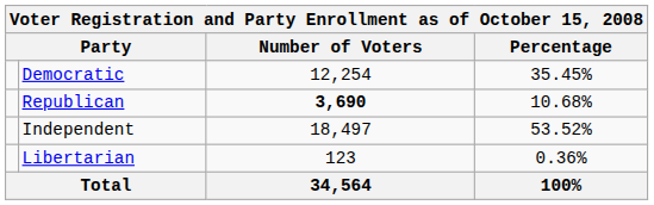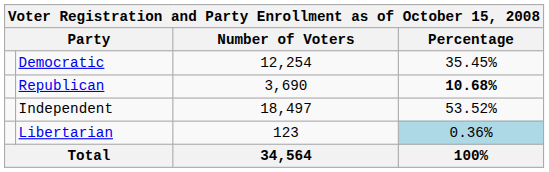 <table class=wikitable>
 <tr>
 <th colspan = 6>Voter Registration and Party Enrollment as of October 15, 2008</th>
 </tr>
 <tr>
 <th colspan = 2>Party</th>
 <th>Number of Voters</th>
 <th>Percentage</th>
 </tr>
 <tr>
 <td></td>
 <td><a href='#'>Democratic</a></td>
 <td align = center>12,254</td>
 <td align = center>35.45%</td>
 </tr>
 <tr>
 <td></td>
 <td><a href='#'>Republican</a></td>
-<td align = center><strong>3,690</strong></td>
-<td align = center>10.68%</td>
+<td align = center>3,690</td>
+<td align = center><strong>10.68%</strong></td>
 </tr>
 <tr>
 <td></td>
 <td>Independent</td>
 <td align = center>18,497</td>
 <td align = center>53.52%</td>
 </tr>
 <tr>
 <td></td>
 <td><a href='#'>Libertarian</a></td>
 <td align = center>123</td>
-<td align = center>0.36%</td>
+<td align = center style="background: lightblue;">0.36%</td>
 </tr>
 <tr>
 <th colspan = 2>Total</th>
 <th align = center>34,564</th>
 <th align = center>100%</th>
 </tr>
 </table>
